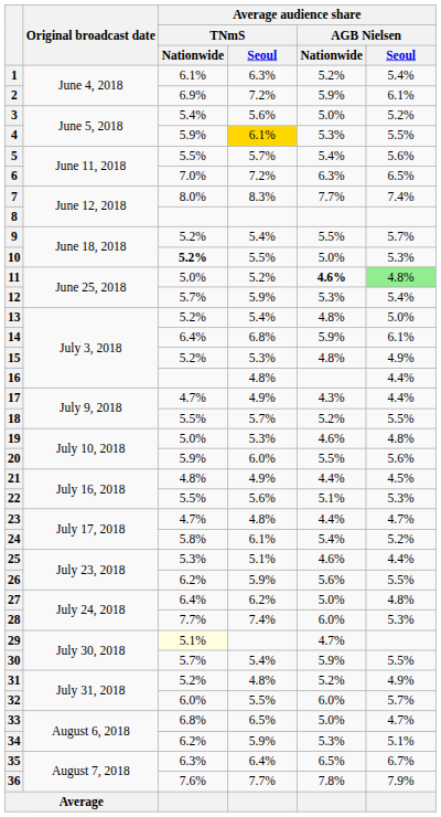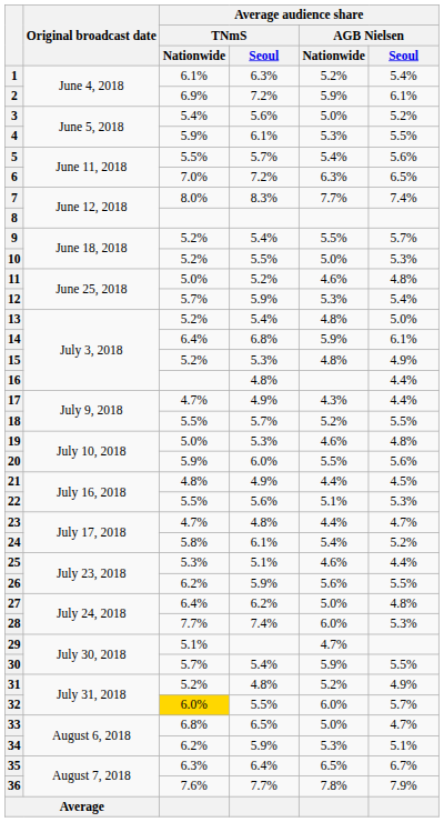 <table class="wikitable" style="text-align:center">
 <tr>
 <th rowspan="3"></th>
 <th rowspan="3">Original broadcast date</th>
 <th colspan="4">Average audience share</th>
 </tr>
 <tr>
 <th colspan="2">TNmS</th>
 <th colspan="2">AGB Nielsen</th>
 </tr>
 <tr>
 <th width="80">Nationwide</th>
 <th width="80"><a href='#'>Seoul</a></th>
 <th width="80">Nationwide</th>
 <th width="80"><a href='#'>Seoul</a></th>
 </tr>
 <tr>
 <th>1</th>
 <td rowspan="2">June 4, 2018</td>
 <td>6.1%</td>
 <td>6.3%</td>
 <td>5.2% </td>
 <td>5.4% </td>
 </tr>
 <tr>
 <th>2</th>
 <td>6.9%</td>
 <td>7.2%</td>
 <td>5.9% </td>
 <td>6.1% </td>
 </tr>
 <tr>
 <th>3</th>
 <td rowspan="2">June 5, 2018</td>
 <td>5.4%</td>
 <td>5.6%</td>
 <td>5.0% </td>
 <td>5.2% </td>
 </tr>
 <tr>
 <th>4</th>
 <td>5.9%</td>
-<td style="background: gold;">6.1%</td>
+<td>6.1%</td>
 <td>5.3% </td>
 <td>5.5% </td>
 </tr>
 <tr>
 <th>5</th>
 <td rowspan="2">June 11, 2018</td>
 <td>5.5%</td>
 <td>5.7%</td>
 <td>5.4% </td>
 <td>5.6% </td>
 </tr>
 <tr>
 <th>6</th>
 <td>7.0%</td>
 <td>7.2%</td>
 <td>6.3% </td>
 <td>6.5% </td>
 </tr>
 <tr>
 <th>7</th>
 <td rowspan="2">June 12, 2018</td>
 <td>8.0%</td>
 <td>8.3%</td>
 <td>7.7% </td>
 <td>7.4% </td>
 </tr>
 <tr>
 <th>8</th>
 <td></td>
 <td></td>
 <td> </td>
 <td> </td>
 </tr>
 <tr>
 <th>9</th>
 <td rowspan="2">June 18, 2018</td>
 <td>5.2%</td>
 <td>5.4%</td>
 <td>5.5% </td>
 <td>5.7% </td>
 </tr>
 <tr>
 <th>10</th>
-<td><strong>5.2%</strong></td>
+<td>5.2%</td>
 <td>5.5%</td>
 <td>5.0% </td>
 <td>5.3% </td>
 </tr>
 <tr>
 <th>11</th>
 <td rowspan="2">June 25, 2018</td>
 <td>5.0%</td>
 <td>5.2%</td>
-<td><strong>4.6% </strong></td>
-<td style="background: lightgreen;">4.8% </td>
+<td>4.6% </td>
+<td>4.8% </td>
 </tr>
 <tr>
 <th>12</th>
 <td>5.7%</td>
 <td>5.9%</td>
 <td>5.3% </td>
 <td>5.4% </td>
 </tr>
 <tr>
 <th>13</th>
 <td rowspan="4">July 3, 2018</td>
 <td>5.2%</td>
 <td>5.4%</td>
 <td>4.8% </td>
 <td>5.0% </td>
 </tr>
 <tr>
 <th>14</th>
 <td>6.4%</td>
 <td>6.8%</td>
 <td>5.9% </td>
 <td>6.1% </td>
 </tr>
 <tr>
 <th>15</th>
 <td>5.2%</td>
 <td>5.3%</td>
 <td>4.8% </td>
 <td>4.9% </td>
 </tr>
 <tr>
 <th>16</th>
 <td></td>
 <td>4.8%</td>
 <td> </td>
 <td>4.4% </td>
 </tr>
 <tr>
 <th>17</th>
 <td rowspan="2">July 9, 2018</td>
 <td>4.7%</td>
 <td>4.9%</td>
 <td>4.3% </td>
 <td>4.4% </td>
 </tr>
 <tr>
 <th>18</th>
 <td>5.5%</td>
 <td>5.7%</td>
 <td>5.2% </td>
 <td>5.5% </td>
 </tr>
 <tr>
 <th>19</th>
 <td rowspan="2">July 10, 2018</td>
 <td>5.0%</td>
 <td>5.3%</td>
 <td>4.6% </td>
 <td>4.8% </td>
 </tr>
 <tr>
 <th>20</th>
 <td>5.9%</td>
 <td>6.0%</td>
 <td>5.5% </td>
 <td>5.6% </td>
 </tr>
 <tr>
 <th>21</th>
 <td rowspan="2">July 16, 2018</td>
 <td>4.8%</td>
 <td>4.9%</td>
 <td>4.4% </td>
 <td>4.5% </td>
 </tr>
 <tr>
 <th>22</th>
 <td>5.5%</td>
 <td>5.6%</td>
 <td>5.1% </td>
 <td>5.3% </td>
 </tr>
 <tr>
 <th>23</th>
 <td rowspan="2">July 17, 2018</td>
 <td>4.7%</td>
 <td>4.8%</td>
 <td>4.4% </td>
 <td>4.7% </td>
 </tr>
 <tr>
 <th>24</th>
 <td>5.8%</td>
 <td>6.1%</td>
 <td>5.4% </td>
 <td>5.2% </td>
 </tr>
 <tr>
 <th>25</th>
 <td rowspan="2">July 23, 2018</td>
 <td>5.3%</td>
 <td>5.1%</td>
 <td>4.6% </td>
 <td>4.4% </td>
 </tr>
 <tr>
 <th>26</th>
 <td>6.2%</td>
 <td>5.9%</td>
 <td>5.6% </td>
 <td>5.5% </td>
 </tr>
 <tr>
 <th>27</th>
 <td rowspan="2">July 24, 2018</td>
 <td>6.4%</td>
 <td>6.2%</td>
 <td>5.0% </td>
 <td>4.8% </td>
 </tr>
 <tr>
 <th>28</th>
 <td>7.7%</td>
 <td>7.4%</td>
 <td>6.0% </td>
 <td>5.3% </td>
 </tr>
 <tr>
 <th>29</th>
 <td rowspan="2">July 30, 2018</td>
-<td style="background: lightyellow;">5.1%</td>
+<td>5.1%</td>
 <td></td>
 <td>4.7% </td>
 <td> </td>
 </tr>
 <tr>
 <th>30</th>
 <td>5.7%</td>
 <td>5.4%</td>
 <td>5.9% </td>
 <td>5.5% </td>
 </tr>
 <tr>
 <th>31</th>
 <td rowspan="2">July 31, 2018</td>
 <td>5.2%</td>
 <td>4.8%</td>
 <td>5.2% </td>
 <td>4.9% </td>
 </tr>
 <tr>
 <th>32</th>
-<td>6.0%</td>
+<td style="background: gold;">6.0%</td>
 <td>5.5%</td>
 <td>6.0% </td>
 <td>5.7% </td>
 </tr>
 <tr>
 <th>33</th>
 <td rowspan="2">August 6, 2018</td>
 <td>6.8%</td>
 <td>6.5%</td>
 <td>5.0% </td>
 <td>4.7% </td>
 </tr>
 <tr>
 <th>34</th>
 <td>6.2%</td>
 <td>5.9%</td>
 <td>5.3% </td>
 <td>5.1% </td>
 </tr>
 <tr>
 <th>35</th>
 <td rowspan="2">August 7, 2018</td>
 <td>6.3%</td>
 <td>6.4%</td>
 <td>6.5% </td>
 <td>6.7% </td>
 </tr>
 <tr>
 <th>36</th>
 <td>7.6%</td>
 <td>7.7%</td>
 <td>7.8% </td>
 <td>7.9% </td>
 </tr>
 <tr>
 <th colspan="2">Average</th>
 <th></th>
 <th></th>
 <th></th>
 <th></th>
 </tr>
 </table>
